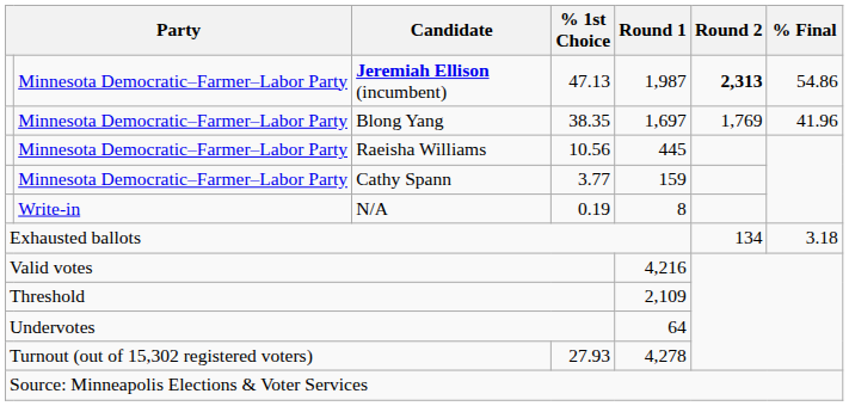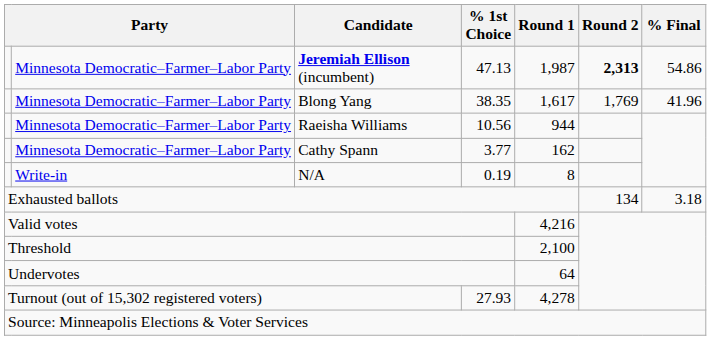 <table class="wikitable">
 <tr>
 <th colspan="2" style="width:290px">Party</th>
 <th style="width:165px">Candidate</th>
 <th>% 1st<br>Choice</th>
 <th>Round 1</th>
 <th>Round 2</th>
 <th style="width:58px;">% Final</th>
 </tr>
 <tr>
 <td style="background-color:"></td>
 <td><a href='#'>Minnesota Democratic–Farmer–Labor Party</a></td>
 <td><strong><a href='#'>Jeremiah Ellison</a></strong> (incumbent)</td>
 <td align="right">47.13</td>
 <td align="right">1,987</td>
 <td align="right"><strong>2,313</strong></td>
 <td align="right">54.86</td>
 </tr>
 <tr>
 <td style="background-color:"></td>
 <td><a href='#'>Minnesota Democratic–Farmer–Labor Party</a></td>
 <td>Blong Yang</td>
 <td align="right">38.35</td>
-<td align="right">1,697</td>
+<td align="right">1,617</td>
 <td align="right">1,769</td>
 <td align="right">41.96</td>
 </tr>
 <tr>
 <td style="background-color:"></td>
 <td><a href='#'>Minnesota Democratic–Farmer–Labor Party</a></td>
 <td>Raeisha Williams</td>
 <td align="right">10.56</td>
-<td align="right">445</td>
+<td align="right">944</td>
 <td></td>
 <td rowspan="3"></td>
 </tr>
 <tr>
 <td style="background-color:"></td>
 <td><a href='#'>Minnesota Democratic–Farmer–Labor Party</a></td>
 <td>Cathy Spann</td>
 <td align="right">3.77</td>
-<td align="right">159</td>
+<td align="right">162</td>
 <td></td>
 </tr>
 <tr>
 <td style="background-color:"></td>
 <td><a href='#'>Write-in</a></td>
 <td>N/A</td>
 <td align="right">0.19</td>
 <td align="right">8</td>
 <td></td>
 </tr>
 <tr>
 <td colspan="5">Exhausted ballots</td>
 <td align="right">134</td>
 <td align="right">3.18</td>
 </tr>
 <tr>
 <td colspan="4">Valid votes</td>
 <td align="right">4,216</td>
 <td colspan="2" rowspan="4"></td>
 </tr>
 <tr>
 <td colspan="4">Threshold</td>
-<td align="right">2,109</td>
+<td align="right">2,100</td>
 </tr>
 <tr>
 <td colspan="4">Undervotes</td>
 <td align="right">64</td>
 </tr>
 <tr>
 <td colspan="3">Turnout (out of 15,302 registered voters)</td>
 <td align="right">27.93</td>
 <td align="right">4,278</td>
 </tr>
 <tr>
 <td colspan="7">Source: Minneapolis Elections & Voter Services</td>
 </tr>
 </table>
